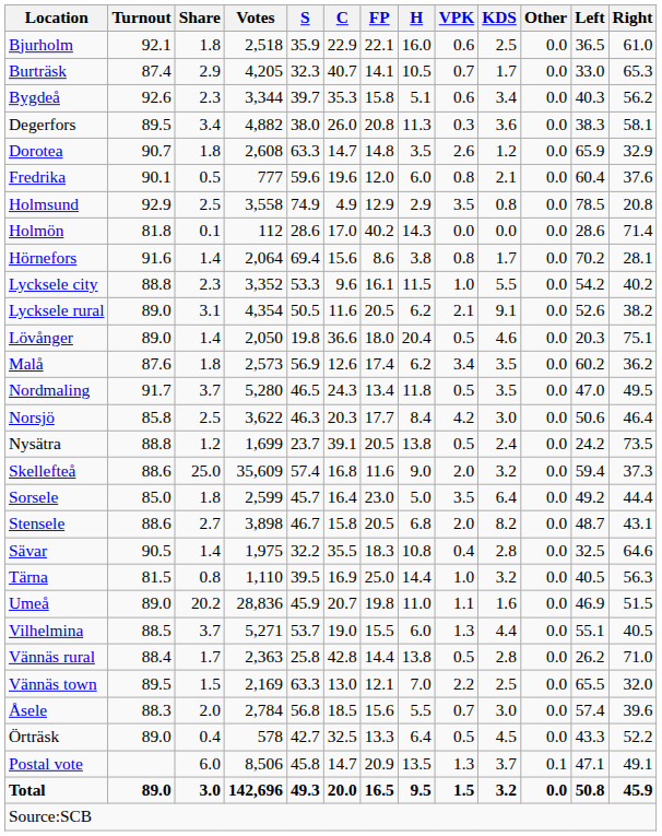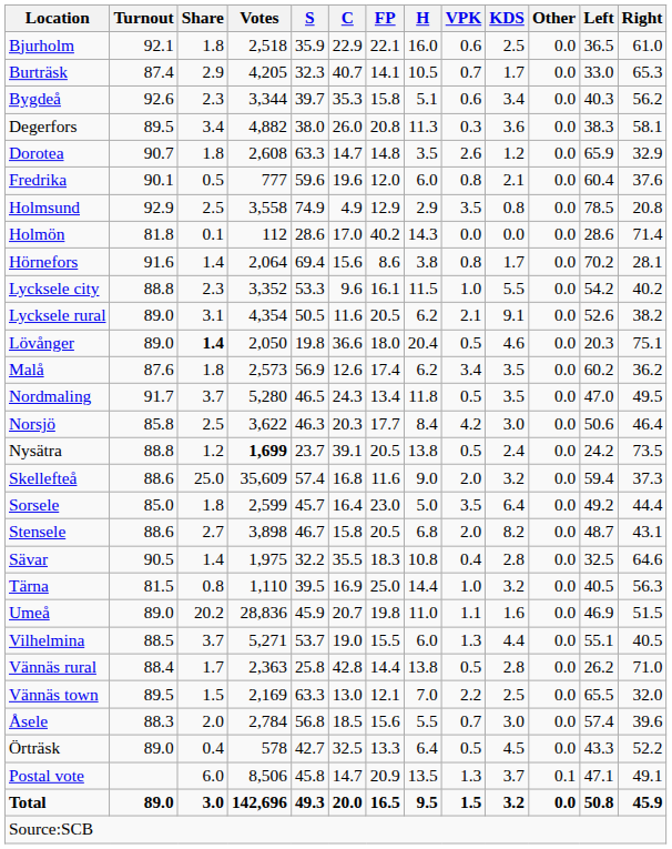 <table class="wikitable sortable" style=text-align:right>
 <tr>
 <th>Location</th>
 <th>Turnout</th>
 <th>Share</th>
 <th>Votes</th>
 <th><a href='#'>S</a></th>
 <th><a href='#'>C</a></th>
 <th><a href='#'>FP</a></th>
 <th><a href='#'>H</a></th>
 <th><a href='#'>VPK</a></th>
 <th><a href='#'>KDS</a></th>
 <th>Other</th>
 <th>Left</th>
 <th>Right</th>
 </tr>
 <tr>
 <td align=left><a href='#'>Bjurholm</a></td>
 <td>92.1</td>
 <td>1.8</td>
 <td>2,518</td>
 <td>35.9</td>
 <td>22.9</td>
 <td>22.1</td>
 <td>16.0</td>
 <td>0.6</td>
 <td>2.5</td>
 <td>0.0</td>
 <td>36.5</td>
 <td>61.0</td>
 </tr>
 <tr>
 <td align=left><a href='#'>Burträsk</a></td>
 <td>87.4</td>
 <td>2.9</td>
 <td>4,205</td>
 <td>32.3</td>
 <td>40.7</td>
 <td>14.1</td>
 <td>10.5</td>
 <td>0.7</td>
 <td>1.7</td>
 <td>0.0</td>
 <td>33.0</td>
 <td>65.3</td>
 </tr>
 <tr>
 <td align=left><a href='#'>Bygdeå</a></td>
 <td>92.6</td>
 <td>2.3</td>
 <td>3,344</td>
 <td>39.7</td>
 <td>35.3</td>
 <td>15.8</td>
 <td>5.1</td>
 <td>0.6</td>
 <td>3.4</td>
 <td>0.0</td>
 <td>40.3</td>
 <td>56.2</td>
 </tr>
 <tr>
 <td align=left>Degerfors</td>
 <td>89.5</td>
 <td>3.4</td>
 <td>4,882</td>
 <td>38.0</td>
 <td>26.0</td>
 <td>20.8</td>
 <td>11.3</td>
 <td>0.3</td>
 <td>3.6</td>
 <td>0.0</td>
 <td>38.3</td>
 <td>58.1</td>
 </tr>
 <tr>
 <td align=left><a href='#'>Dorotea</a></td>
 <td>90.7</td>
 <td>1.8</td>
 <td>2,608</td>
 <td>63.3</td>
 <td>14.7</td>
 <td>14.8</td>
 <td>3.5</td>
 <td>2.6</td>
 <td>1.2</td>
 <td>0.0</td>
 <td>65.9</td>
 <td>32.9</td>
 </tr>
 <tr>
 <td align=left><a href='#'>Fredrika</a></td>
 <td>90.1</td>
 <td>0.5</td>
 <td>777</td>
 <td>59.6</td>
 <td>19.6</td>
 <td>12.0</td>
 <td>6.0</td>
 <td>0.8</td>
 <td>2.1</td>
 <td>0.0</td>
 <td>60.4</td>
 <td>37.6</td>
 </tr>
 <tr>
 <td align=left><a href='#'>Holmsund</a></td>
 <td>92.9</td>
 <td>2.5</td>
 <td>3,558</td>
 <td>74.9</td>
 <td>4.9</td>
 <td>12.9</td>
 <td>2.9</td>
 <td>3.5</td>
 <td>0.8</td>
 <td>0.0</td>
 <td>78.5</td>
 <td>20.8</td>
 </tr>
 <tr>
 <td align=left><a href='#'>Holmön</a></td>
 <td>81.8</td>
 <td>0.1</td>
 <td>112</td>
 <td>28.6</td>
 <td>17.0</td>
 <td>40.2</td>
 <td>14.3</td>
 <td>0.0</td>
 <td>0.0</td>
 <td>0.0</td>
 <td>28.6</td>
 <td>71.4</td>
 </tr>
 <tr>
 <td align=left><a href='#'>Hörnefors</a></td>
 <td>91.6</td>
 <td>1.4</td>
 <td>2,064</td>
 <td>69.4</td>
 <td>15.6</td>
 <td>8.6</td>
 <td>3.8</td>
 <td>0.8</td>
 <td>1.7</td>
 <td>0.0</td>
 <td>70.2</td>
 <td>28.1</td>
 </tr>
 <tr>
 <td align=left><a href='#'>Lycksele city</a></td>
 <td>88.8</td>
 <td>2.3</td>
 <td>3,352</td>
 <td>53.3</td>
 <td>9.6</td>
 <td>16.1</td>
 <td>11.5</td>
 <td>1.0</td>
 <td>5.5</td>
 <td>0.0</td>
 <td>54.2</td>
 <td>40.2</td>
 </tr>
 <tr>
 <td align=left><a href='#'>Lycksele rural</a></td>
 <td>89.0</td>
 <td>3.1</td>
 <td>4,354</td>
 <td>50.5</td>
 <td>11.6</td>
 <td>20.5</td>
 <td>6.2</td>
 <td>2.1</td>
 <td>9.1</td>
 <td>0.0</td>
 <td>52.6</td>
 <td>38.2</td>
 </tr>
 <tr>
 <td align=left><a href='#'>Lövånger</a></td>
 <td>89.0</td>
-<td>1.4</td>
+<td><strong>1.4</strong></td>
 <td>2,050</td>
 <td>19.8</td>
 <td>36.6</td>
 <td>18.0</td>
 <td>20.4</td>
 <td>0.5</td>
 <td>4.6</td>
 <td>0.0</td>
 <td>20.3</td>
 <td>75.1</td>
 </tr>
 <tr>
 <td align=left><a href='#'>Malå</a></td>
 <td>87.6</td>
 <td>1.8</td>
 <td>2,573</td>
 <td>56.9</td>
 <td>12.6</td>
 <td>17.4</td>
 <td>6.2</td>
 <td>3.4</td>
 <td>3.5</td>
 <td>0.0</td>
 <td>60.2</td>
 <td>36.2</td>
 </tr>
 <tr>
 <td align=left><a href='#'>Nordmaling</a></td>
 <td>91.7</td>
 <td>3.7</td>
 <td>5,280</td>
 <td>46.5</td>
 <td>24.3</td>
 <td>13.4</td>
 <td>11.8</td>
 <td>0.5</td>
 <td>3.5</td>
 <td>0.0</td>
 <td>47.0</td>
 <td>49.5</td>
 </tr>
 <tr>
 <td align=left><a href='#'>Norsjö</a></td>
 <td>85.8</td>
 <td>2.5</td>
 <td>3,622</td>
 <td>46.3</td>
 <td>20.3</td>
 <td>17.7</td>
 <td>8.4</td>
 <td>4.2</td>
 <td>3.0</td>
 <td>0.0</td>
 <td>50.6</td>
 <td>46.4</td>
 </tr>
 <tr>
 <td align=left>Nysätra</td>
 <td>88.8</td>
 <td>1.2</td>
-<td>1,699</td>
+<td><strong>1,699</strong></td>
 <td>23.7</td>
 <td>39.1</td>
 <td>20.5</td>
 <td>13.8</td>
 <td>0.5</td>
 <td>2.4</td>
 <td>0.0</td>
 <td>24.2</td>
 <td>73.5</td>
 </tr>
 <tr>
 <td align=left><a href='#'>Skellefteå</a></td>
 <td>88.6</td>
 <td>25.0</td>
 <td>35,609</td>
 <td>57.4</td>
 <td>16.8</td>
 <td>11.6</td>
 <td>9.0</td>
 <td>2.0</td>
 <td>3.2</td>
 <td>0.0</td>
 <td>59.4</td>
 <td>37.3</td>
 </tr>
 <tr>
 <td align=left><a href='#'>Sorsele</a></td>
 <td>85.0</td>
 <td>1.8</td>
 <td>2,599</td>
 <td>45.7</td>
 <td>16.4</td>
 <td>23.0</td>
 <td>5.0</td>
 <td>3.5</td>
 <td>6.4</td>
 <td>0.0</td>
 <td>49.2</td>
 <td>44.4</td>
 </tr>
 <tr>
 <td align=left><a href='#'>Stensele</a></td>
 <td>88.6</td>
 <td>2.7</td>
 <td>3,898</td>
 <td>46.7</td>
 <td>15.8</td>
 <td>20.5</td>
 <td>6.8</td>
 <td>2.0</td>
 <td>8.2</td>
 <td>0.0</td>
 <td>48.7</td>
 <td>43.1</td>
 </tr>
 <tr>
 <td align=left><a href='#'>Sävar</a></td>
 <td>90.5</td>
 <td>1.4</td>
 <td>1,975</td>
 <td>32.2</td>
 <td>35.5</td>
 <td>18.3</td>
 <td>10.8</td>
 <td>0.4</td>
 <td>2.8</td>
 <td>0.0</td>
 <td>32.5</td>
 <td>64.6</td>
 </tr>
 <tr>
 <td align=left><a href='#'>Tärna</a></td>
 <td>81.5</td>
 <td>0.8</td>
 <td>1,110</td>
 <td>39.5</td>
 <td>16.9</td>
 <td>25.0</td>
 <td>14.4</td>
 <td>1.0</td>
 <td>3.2</td>
 <td>0.0</td>
 <td>40.5</td>
 <td>56.3</td>
 </tr>
 <tr>
 <td align=left><a href='#'>Umeå</a></td>
 <td>89.0</td>
 <td>20.2</td>
 <td>28,836</td>
 <td>45.9</td>
 <td>20.7</td>
 <td>19.8</td>
 <td>11.0</td>
 <td>1.1</td>
 <td>1.6</td>
 <td>0.0</td>
 <td>46.9</td>
 <td>51.5</td>
 </tr>
 <tr>
 <td align=left><a href='#'>Vilhelmina</a></td>
 <td>88.5</td>
 <td>3.7</td>
 <td>5,271</td>
 <td>53.7</td>
 <td>19.0</td>
 <td>15.5</td>
 <td>6.0</td>
 <td>1.3</td>
 <td>4.4</td>
 <td>0.0</td>
 <td>55.1</td>
 <td>40.5</td>
 </tr>
 <tr>
 <td align=left><a href='#'>Vännäs rural</a></td>
 <td>88.4</td>
 <td>1.7</td>
 <td>2,363</td>
 <td>25.8</td>
 <td>42.8</td>
 <td>14.4</td>
 <td>13.8</td>
 <td>0.5</td>
 <td>2.8</td>
 <td>0.0</td>
 <td>26.2</td>
 <td>71.0</td>
 </tr>
 <tr>
 <td align=left><a href='#'>Vännäs town</a></td>
 <td>89.5</td>
 <td>1.5</td>
 <td>2,169</td>
 <td>63.3</td>
 <td>13.0</td>
 <td>12.1</td>
 <td>7.0</td>
 <td>2.2</td>
 <td>2.5</td>
 <td>0.0</td>
 <td>65.5</td>
 <td>32.0</td>
 </tr>
 <tr>
 <td align=left><a href='#'>Åsele</a></td>
 <td>88.3</td>
 <td>2.0</td>
 <td>2,784</td>
 <td>56.8</td>
 <td>18.5</td>
 <td>15.6</td>
 <td>5.5</td>
 <td>0.7</td>
 <td>3.0</td>
 <td>0.0</td>
 <td>57.4</td>
 <td>39.6</td>
 </tr>
 <tr>
 <td align=left>Örträsk</td>
 <td>89.0</td>
 <td>0.4</td>
 <td>578</td>
 <td>42.7</td>
 <td>32.5</td>
 <td>13.3</td>
 <td>6.4</td>
 <td>0.5</td>
 <td>4.5</td>
 <td>0.0</td>
 <td>43.3</td>
 <td>52.2</td>
 </tr>
 <tr>
 <td align=left><a href='#'>Postal vote</a></td>
 <td></td>
 <td>6.0</td>
 <td>8,506</td>
 <td>45.8</td>
 <td>14.7</td>
 <td>20.9</td>
 <td>13.5</td>
 <td>1.3</td>
 <td>3.7</td>
 <td>0.1</td>
 <td>47.1</td>
 <td>49.1</td>
 </tr>
 <tr>
 <td align=left><strong>Total</strong></td>
 <td><strong>89.0</strong></td>
 <td><strong>3.0</strong></td>
 <td><strong>142,696</strong></td>
 <td><strong>49.3</strong></td>
 <td><strong>20.0</strong></td>
 <td><strong>16.5</strong></td>
 <td><strong>9.5</strong></td>
 <td><strong>1.5</strong></td>
 <td><strong>3.2</strong></td>
 <td><strong>0.0</strong></td>
 <td><strong>50.8</strong></td>
 <td><strong>45.9</strong></td>
 </tr>
 <tr>
 <td align=left colspan=13>Source:SCB </td>
 </tr>
 </table>
